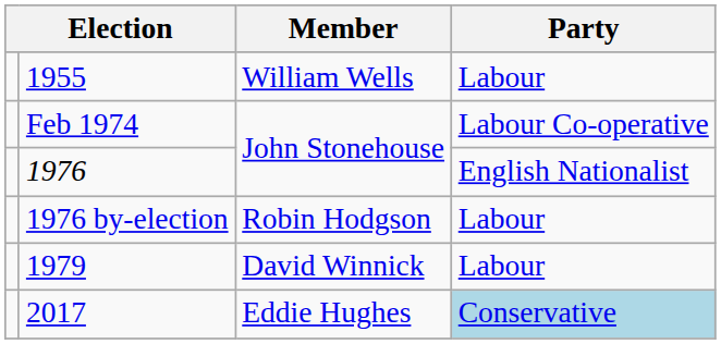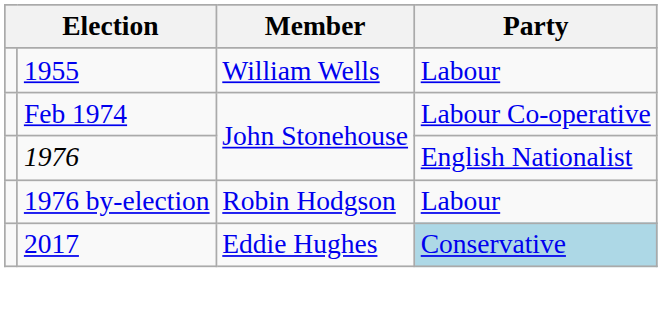 <table class="wikitable">
 <tr>
 <th colspan="2">Election</th>
 <th>Member</th>
 <th>Party</th>
 </tr>
 <tr>
 <td style="color:inherit;background-color: "></td>
 <td><a href='#'>1955</a></td>
 <td><a href='#'>William Wells</a></td>
 <td><a href='#'>Labour</a></td>
 </tr>
 <tr>
 <td style="color:inherit;background-color: "></td>
 <td><a href='#'>Feb 1974</a></td>
 <td rowspan="2"><a href='#'>John Stonehouse</a></td>
 <td><a href='#'>Labour Co-operative</a></td>
 </tr>
 <tr>
 <td style="color:inherit;background-color: "></td>
 <td><em>1976</em></td>
 <td><a href='#'>English Nationalist</a></td>
 </tr>
 <tr>
 <td style="color:inherit;background-color: "></td>
 <td><a href='#'>1976 by-election</a></td>
 <td><a href='#'>Robin Hodgson</a></td>
 <td><a href='#'>Labour</a></td>
 </tr>
 <tr>
 <td style="color:inherit;background-color: "></td>
-<td><a href='#'>1979</a></td>
-<td><a href='#'>David Winnick</a></td>
-<td><a href='#'>Labour</a></td>
-</tr>
-<tr>
-<td style="color:inherit;background-color: "></td>
 <td><a href='#'>2017</a></td>
 <td><a href='#'>Eddie Hughes</a></td>
 <td style="background: lightblue;"><a href='#'>Conservative</a></td>
 </tr>
 </table>
